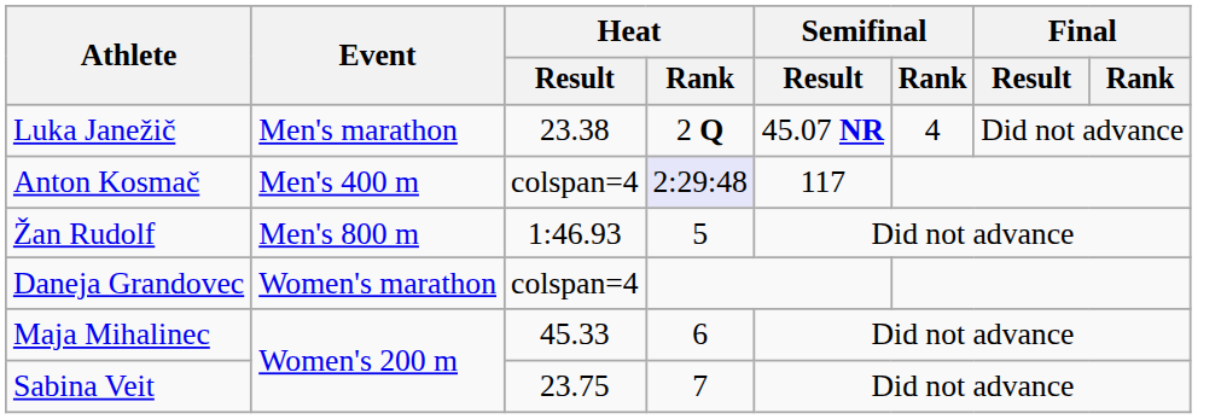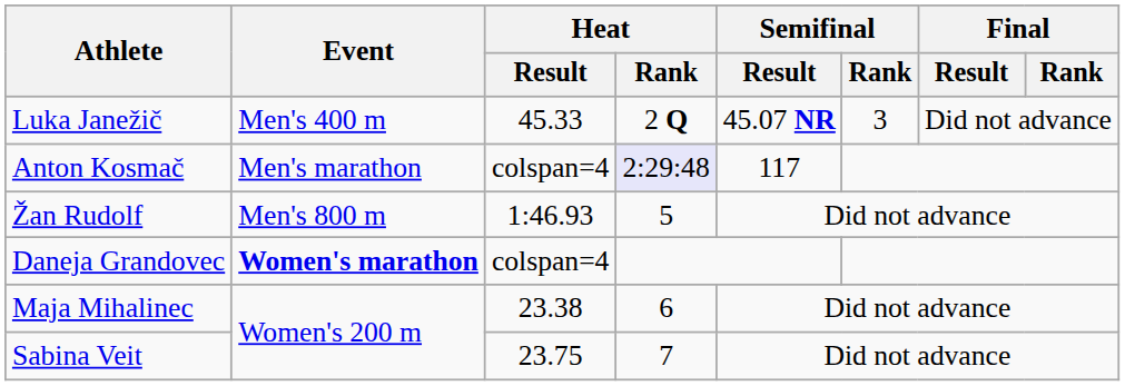 <table class="wikitable" style="font-size:90%">
 <tr>
 <th rowspan="2">Athlete</th>
 <th rowspan="2">Event</th>
 <th colspan="2">Heat</th>
 <th colspan="2">Semifinal</th>
 <th colspan="2">Final</th>
 </tr>
 <tr style="font-size:95%">
 <th>Result</th>
 <th>Rank</th>
 <th>Result</th>
 <th>Rank</th>
 <th>Result</th>
 <th>Rank</th>
 </tr>
 <tr align=center>
 <td align=left><a href='#'>Luka Janežič</a></td>
-<td align=left><a href='#'>Men's marathon</a></td>
-<td>23.38</td>
+<td align=left><a href='#'>Men's 400 m</a></td>
+<td>45.33</td>
 <td>2 <strong>Q</strong></td>
 <td>45.07 <strong><a href='#'>NR</a></strong></td>
-<td>4</td>
+<td>3</td>
 <td colspan=2>Did not advance</td>
 </tr>
 <tr align=center>
 <td align=left><a href='#'>Anton Kosmač</a></td>
-<td align=left><a href='#'>Men's 400 m</a></td>
+<td align=left><a href='#'>Men's marathon</a></td>
 <td>colspan=4 </td>
 <td style="background: lavender;">2:29:48</td>
 <td>117</td>
 </tr>
 <tr align=center>
 <td align=left><a href='#'>Žan Rudolf</a></td>
 <td align=left><a href='#'>Men's 800 m</a></td>
 <td>1:46.93</td>
 <td>5</td>
 <td colspan=4>Did not advance</td>
 </tr>
 <tr align=center>
 <td align=left><a href='#'>Daneja Grandovec</a></td>
-<td align=left><a href='#'>Women's marathon</a></td>
+<td align=left><strong><a href='#'>Women's marathon</a></strong></td>
 <td>colspan=4 </td>
 <td colspan=2></td>
 </tr>
 <tr align=center>
 <td align=left><a href='#'>Maja Mihalinec</a></td>
 <td align=left rowspan=2><a href='#'>Women's 200 m</a></td>
-<td>45.33</td>
+<td>23.38</td>
 <td>6</td>
 <td colspan=4>Did not advance</td>
 </tr>
 <tr align=center>
 <td align=left><a href='#'>Sabina Veit</a></td>
 <td>23.75</td>
 <td>7</td>
 <td colspan=4>Did not advance</td>
 </tr>
 </table>
